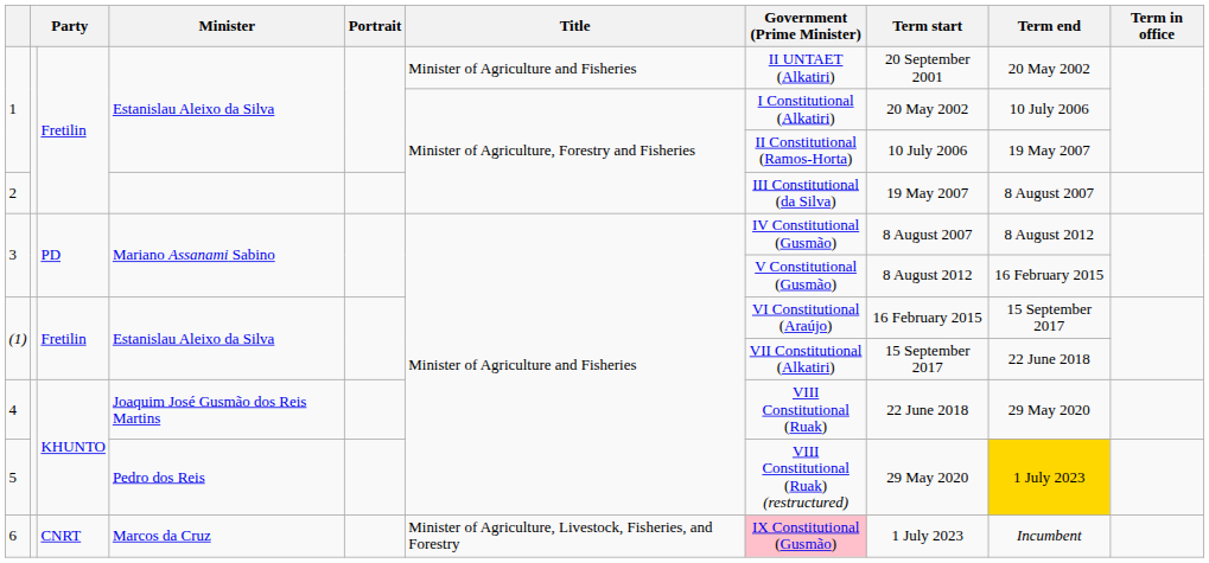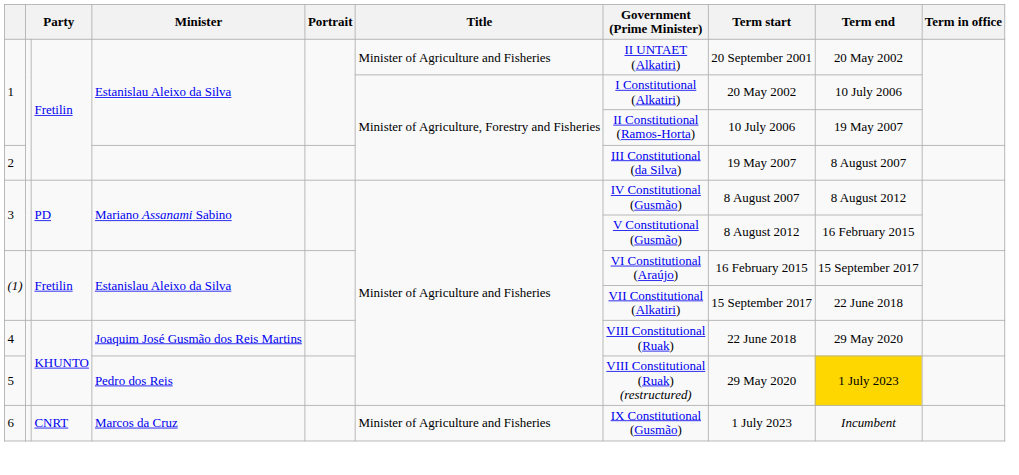 <table class="wikitable sortable">
 <tr>
 <th></th>
 <th colspan="2">Party</th>
 <th>Minister</th>
 <th>Portrait</th>
 <th>Title</th>
 <th>Government<br>(Prime Minister)</th>
 <th>Term start</th>
 <th>Term end</th>
 <th>Term in office</th>
 </tr>
 <tr>
 <td rowspan=3>1</td>
 <td rowspan=4 style="background:"></td>
 <td rowspan=4><a href='#'>Fretilin</a></td>
 <td rowspan=3><a href='#'>Estanislau Aleixo da Silva</a></td>
 <td rowspan=3></td>
 <td>Minister of Agriculture and Fisheries</td>
 <td align=center><a href='#'>II UNTAET</a><br>(<a href='#'>Alkatiri</a>)</td>
 <td align=center>20 September 2001</td>
 <td align=center>20 May 2002</td>
 <td rowspan=3 align=right></td>
 </tr>
 <tr>
 <td rowspan=3>Minister of Agriculture, Forestry and Fisheries</td>
 <td align=center><a href='#'>I Constitutional</a><br>(<a href='#'>Alkatiri</a>)</td>
 <td align=center>20 May 2002</td>
 <td align=center>10 July 2006</td>
 </tr>
 <tr>
 <td align=center><a href='#'>II Constitutional</a><br>(<a href='#'>Ramos-Horta</a>)</td>
 <td align=center>10 July 2006</td>
 <td align=center>19 May 2007</td>
 </tr>
 <tr>
 <td>2</td>
 <td></td>
 <td></td>
 <td align=center><a href='#'>III Constitutional</a><br>(<a href='#'>da Silva</a>)</td>
 <td align=center>19 May 2007</td>
 <td align=center>8 August 2007</td>
 <td align=right></td>
 </tr>
 <tr>
 <td rowspan=2>3</td>
 <td rowspan=2 style="background:"></td>
 <td rowspan=2><a href='#'>PD</a></td>
 <td rowspan=2><a href='#'>Mariano <em>Assanami</em> Sabino</a></td>
 <td rowspan=2></td>
 <td rowspan=6>Minister of Agriculture and Fisheries</td>
 <td align=center><a href='#'>IV Constitutional</a><br>(<a href='#'>Gusmão</a>)</td>
 <td align=center>8 August 2007</td>
 <td align=center>8 August 2012</td>
 <td rowspan=2 align=right></td>
 </tr>
 <tr>
 <td align=center><a href='#'>V Constitutional</a><br>(<a href='#'>Gusmão</a>)</td>
 <td align=center>8 August 2012</td>
 <td align=center>16 February 2015</td>
 </tr>
 <tr>
 <td rowspan=2><em>(1)</em></td>
 <td rowspan=2 style="background:"></td>
 <td rowspan=2><a href='#'>Fretilin</a></td>
 <td rowspan=2><a href='#'>Estanislau Aleixo da Silva</a></td>
 <td rowspan=2></td>
 <td align=center><a href='#'>VI Constitutional</a><br>(<a href='#'>Araújo</a>)</td>
 <td align=center>16 February 2015</td>
 <td align=center>15 September 2017</td>
 <td rowspan=2 align=right></td>
 </tr>
 <tr>
 <td align=center><a href='#'>VII Constitutional</a><br>(<a href='#'>Alkatiri</a>)</td>
 <td align=center>15 September 2017</td>
 <td align=center>22 June 2018</td>
 </tr>
 <tr>
 <td>4</td>
 <td rowspan=2 style="background:"></td>
 <td rowspan=2><a href='#'>KHUNTO</a></td>
 <td><a href='#'>Joaquim José Gusmão dos Reis Martins</a></td>
 <td></td>
 <td align=center><a href='#'>VIII Constitutional</a><br>(<a href='#'>Ruak</a>)</td>
 <td align=center>22 June 2018</td>
 <td align=center>29 May 2020</td>
 <td align=right></td>
 </tr>
 <tr>
 <td>5</td>
 <td><a href='#'>Pedro dos Reis</a></td>
 <td></td>
 <td align=center><a href='#'>VIII Constitutional</a><br>(<a href='#'>Ruak</a>)<br><em>(restructured)</em></td>
 <td align=center>29 May 2020</td>
 <td align=center style="background: gold;">1 July 2023</td>
 <td align=right></td>
 </tr>
 <tr>
 <td>6</td>
 <td style="background:"></td>
 <td><a href='#'>CNRT</a></td>
 <td><a href='#'>Marcos da Cruz</a></td>
 <td></td>
-<td>Minister of Agriculture, Livestock, Fisheries, and Forestry</td>
-<td align=center style="background: pink;"><a href='#'>IX Constitutional</a><br>(<a href='#'>Gusmão</a>)</td>
+<td>Minister of Agriculture and Fisheries</td>
+<td align=center><a href='#'>IX Constitutional</a><br>(<a href='#'>Gusmão</a>)</td>
 <td align=center>1 July 2023</td>
 <td align=center><em>Incumbent</em></td>
 <td align=right></td>
 </tr>
 </table>
